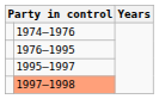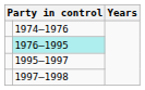 <table class="wikitable">
 <tr>
 <th colspan="2">Party in control</th>
 <th>Years</th>
 </tr>
 <tr>
 <td></td>
 <td>1974–1976</td>
 </tr>
 <tr>
 <td></td>
-<td>1976–1995</td>
+<td style="background: paleturquoise;">1976–1995</td>
 </tr>
 <tr>
 <td></td>
 <td>1995–1997</td>
 </tr>
 <tr>
 <td></td>
-<td style="background: lightsalmon;">1997–1998</td>
+<td>1997–1998</td>
 </tr>
 </table>
